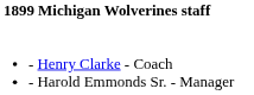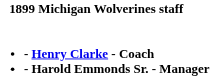 <table class="toccolours" style="border-collapse:collapse; font-size:90%;">
 <tr>
 <th colspan=9>1899 Michigan Wolverines staff</th>
 </tr>
 <tr>
 <td width="03"> </td>
-<td valign="top"><br><ul><li>- <a href='#'>Henry Clarke</a> - Coach</li><li>- Harold Emmonds Sr. - Manager</li></ul></td>
+<td valign="top"><strong><br><ul><li>- <a href='#'>Henry Clarke</a> - Coach</li><li>- Harold Emmonds Sr. - Manager</li></ul></strong></td>
 </tr>
 </table>
